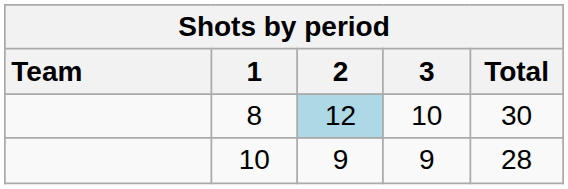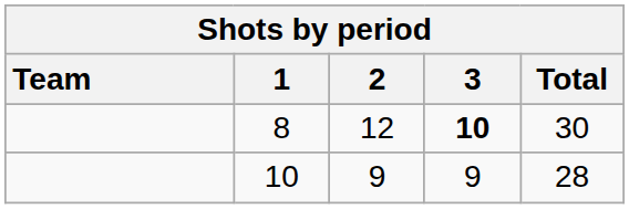 <table class="wikitable" style="width:20em; text-align:right;">
 <tr>
 <th colspan="6">Shots by period</th>
 </tr>
 <tr>
 <th style="width:8em; text-align:left;">Team</th>
 <th style="width:3em;">1</th>
 <th style="width:3em;">2</th>
 <th style="width:3em;">3</th>
 <th style="width:3em;">Total</th>
 </tr>
 <tr>
 <td style="text-align:left;"></td>
 <td style="text-align:center;">8</td>
-<td style="background: lightblue; text-align:center;">12</td>
-<td style="text-align:center;">10</td>
+<td style="text-align:center;">12</td>
+<td style="text-align:center;"><strong>10</strong></td>
 <td style="text-align:center;">30</td>
 </tr>
 <tr>
 <td style="text-align:left;"></td>
 <td style="text-align:center;">10</td>
 <td style="text-align:center;">9</td>
 <td style="text-align:center;">9</td>
 <td style="text-align:center;">28</td>
 </tr>
 </table>
